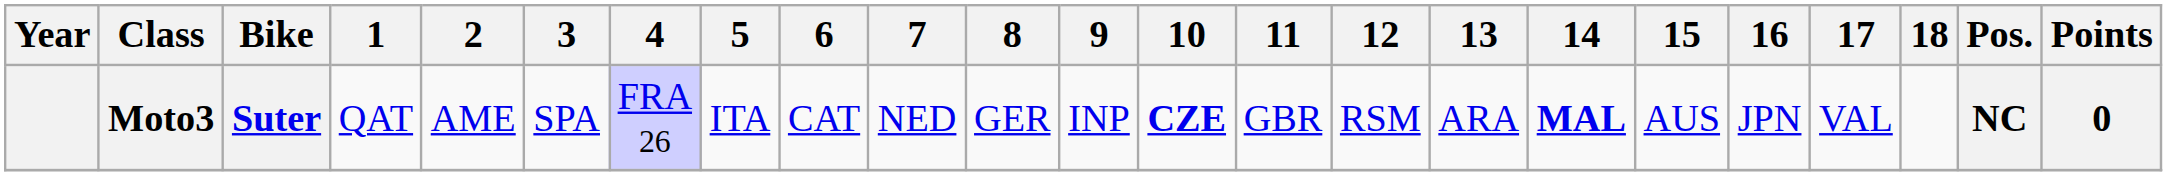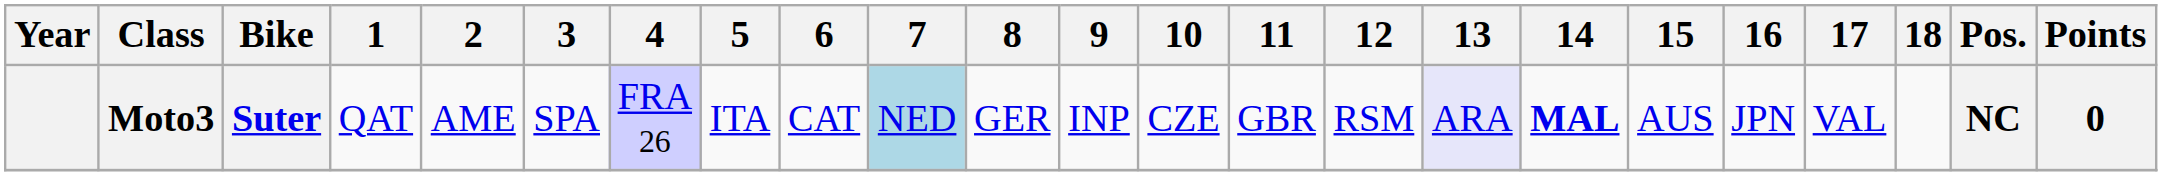 <table class="wikitable" style="text-align:center">
 <tr>
 <th>Year</th>
 <th>Class</th>
 <th>Bike</th>
 <th>1</th>
 <th>2</th>
 <th>3</th>
 <th>4</th>
 <th>5</th>
 <th>6</th>
 <th>7</th>
 <th>8</th>
 <th>9</th>
 <th>10</th>
 <th>11</th>
 <th>12</th>
 <th>13</th>
 <th>14</th>
 <th>15</th>
 <th>16</th>
 <th>17</th>
 <th>18</th>
 <th>Pos.</th>
 <th>Points</th>
 </tr>
 <tr>
 <th></th>
 <th>Moto3</th>
 <th><a href='#'>Suter</a></th>
 <td><a href='#'>QAT</a></td>
 <td><a href='#'>AME</a></td>
 <td><a href='#'>SPA</a></td>
 <td style="background:#cfcfff;"><a href='#'>FRA</a><br><small>26</small></td>
 <td><a href='#'>ITA</a></td>
 <td><a href='#'>CAT</a></td>
-<td><a href='#'>NED</a></td>
+<td style="background: lightblue;"><a href='#'>NED</a></td>
 <td><a href='#'>GER</a></td>
 <td><a href='#'>INP</a></td>
-<td><strong><a href='#'>CZE</a></strong></td>
+<td><a href='#'>CZE</a></td>
 <td><a href='#'>GBR</a></td>
 <td><a href='#'>RSM</a></td>
-<td><a href='#'>ARA</a></td>
+<td style="background: lavender;"><a href='#'>ARA</a></td>
 <td><strong><a href='#'>MAL</a></strong></td>
 <td><a href='#'>AUS</a></td>
 <td><a href='#'>JPN</a></td>
 <td><a href='#'>VAL</a></td>
 <td></td>
 <th>NC</th>
 <th>0</th>
 </tr>
 <tr>
 </tr>
 </table>
